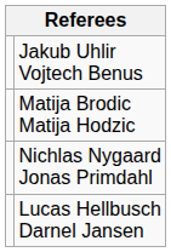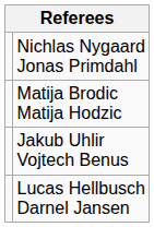 <table class="wikitable" style="display: inline-table;">
 <tr>
 <th colspan="2">Referees</th>
 </tr>
 <tr>
 <td></td>
-<td>Jakub Uhlir<br>Vojtech Benus</td>
+<td>Nichlas Nygaard<br>Jonas Primdahl</td>
 </tr>
 <tr>
 <td></td>
 <td>Matija Brodic<br>Matija Hodzic</td>
 </tr>
 <tr>
 <td></td>
-<td>Nichlas Nygaard<br>Jonas Primdahl</td>
+<td>Jakub Uhlir<br>Vojtech Benus</td>
 </tr>
 <tr>
 <td></td>
 <td>Lucas Hellbusch<br>Darnel Jansen</td>
 </tr>
 <tr>
 </tr>
 </table>
